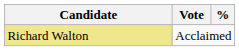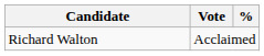 <table class="wikitable">
 <tr>
 <th bgcolor="#DDDDFF" width="200px">Candidate</th>
 <th bgcolor="#DDDDFF">Vote</th>
 <th bgcolor="#DDDDFF">%</th>
 </tr>
 <tr>
-<td style="background: khaki;">Richard Walton</td>
+<td>Richard Walton</td>
 <td colspan="2">Acclaimed</td>
 </tr>
 </table>
